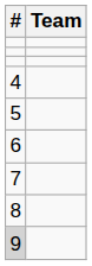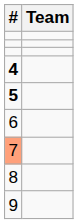 <table class="wikitable">
 <tr>
 <th>#</th>
 <th>Team</th>
 </tr>
 <tr>
 <td align=center></td>
 <td></td>
 </tr>
 <tr>
 <td align=center></td>
 <td></td>
 </tr>
 <tr>
 <td align=center></td>
 <td></td>
 </tr>
 <tr>
-<td align=center>4</td>
+<td align=center><strong>4</strong></td>
 <td></td>
 </tr>
 <tr>
-<td align=center>5</td>
+<td align=center><strong>5</strong></td>
 <td></td>
 </tr>
 <tr>
 <td align=center>6</td>
 <td></td>
 </tr>
 <tr>
-<td align=center>7</td>
+<td align=center style="background: lightsalmon;">7</td>
 <td></td>
 </tr>
 <tr>
 <td align=center>8</td>
 <td></td>
 </tr>
 <tr>
-<td align=center style="background: lightgrey;">9</td>
+<td align=center>9</td>
 <td></td>
 </tr>
 </table>
